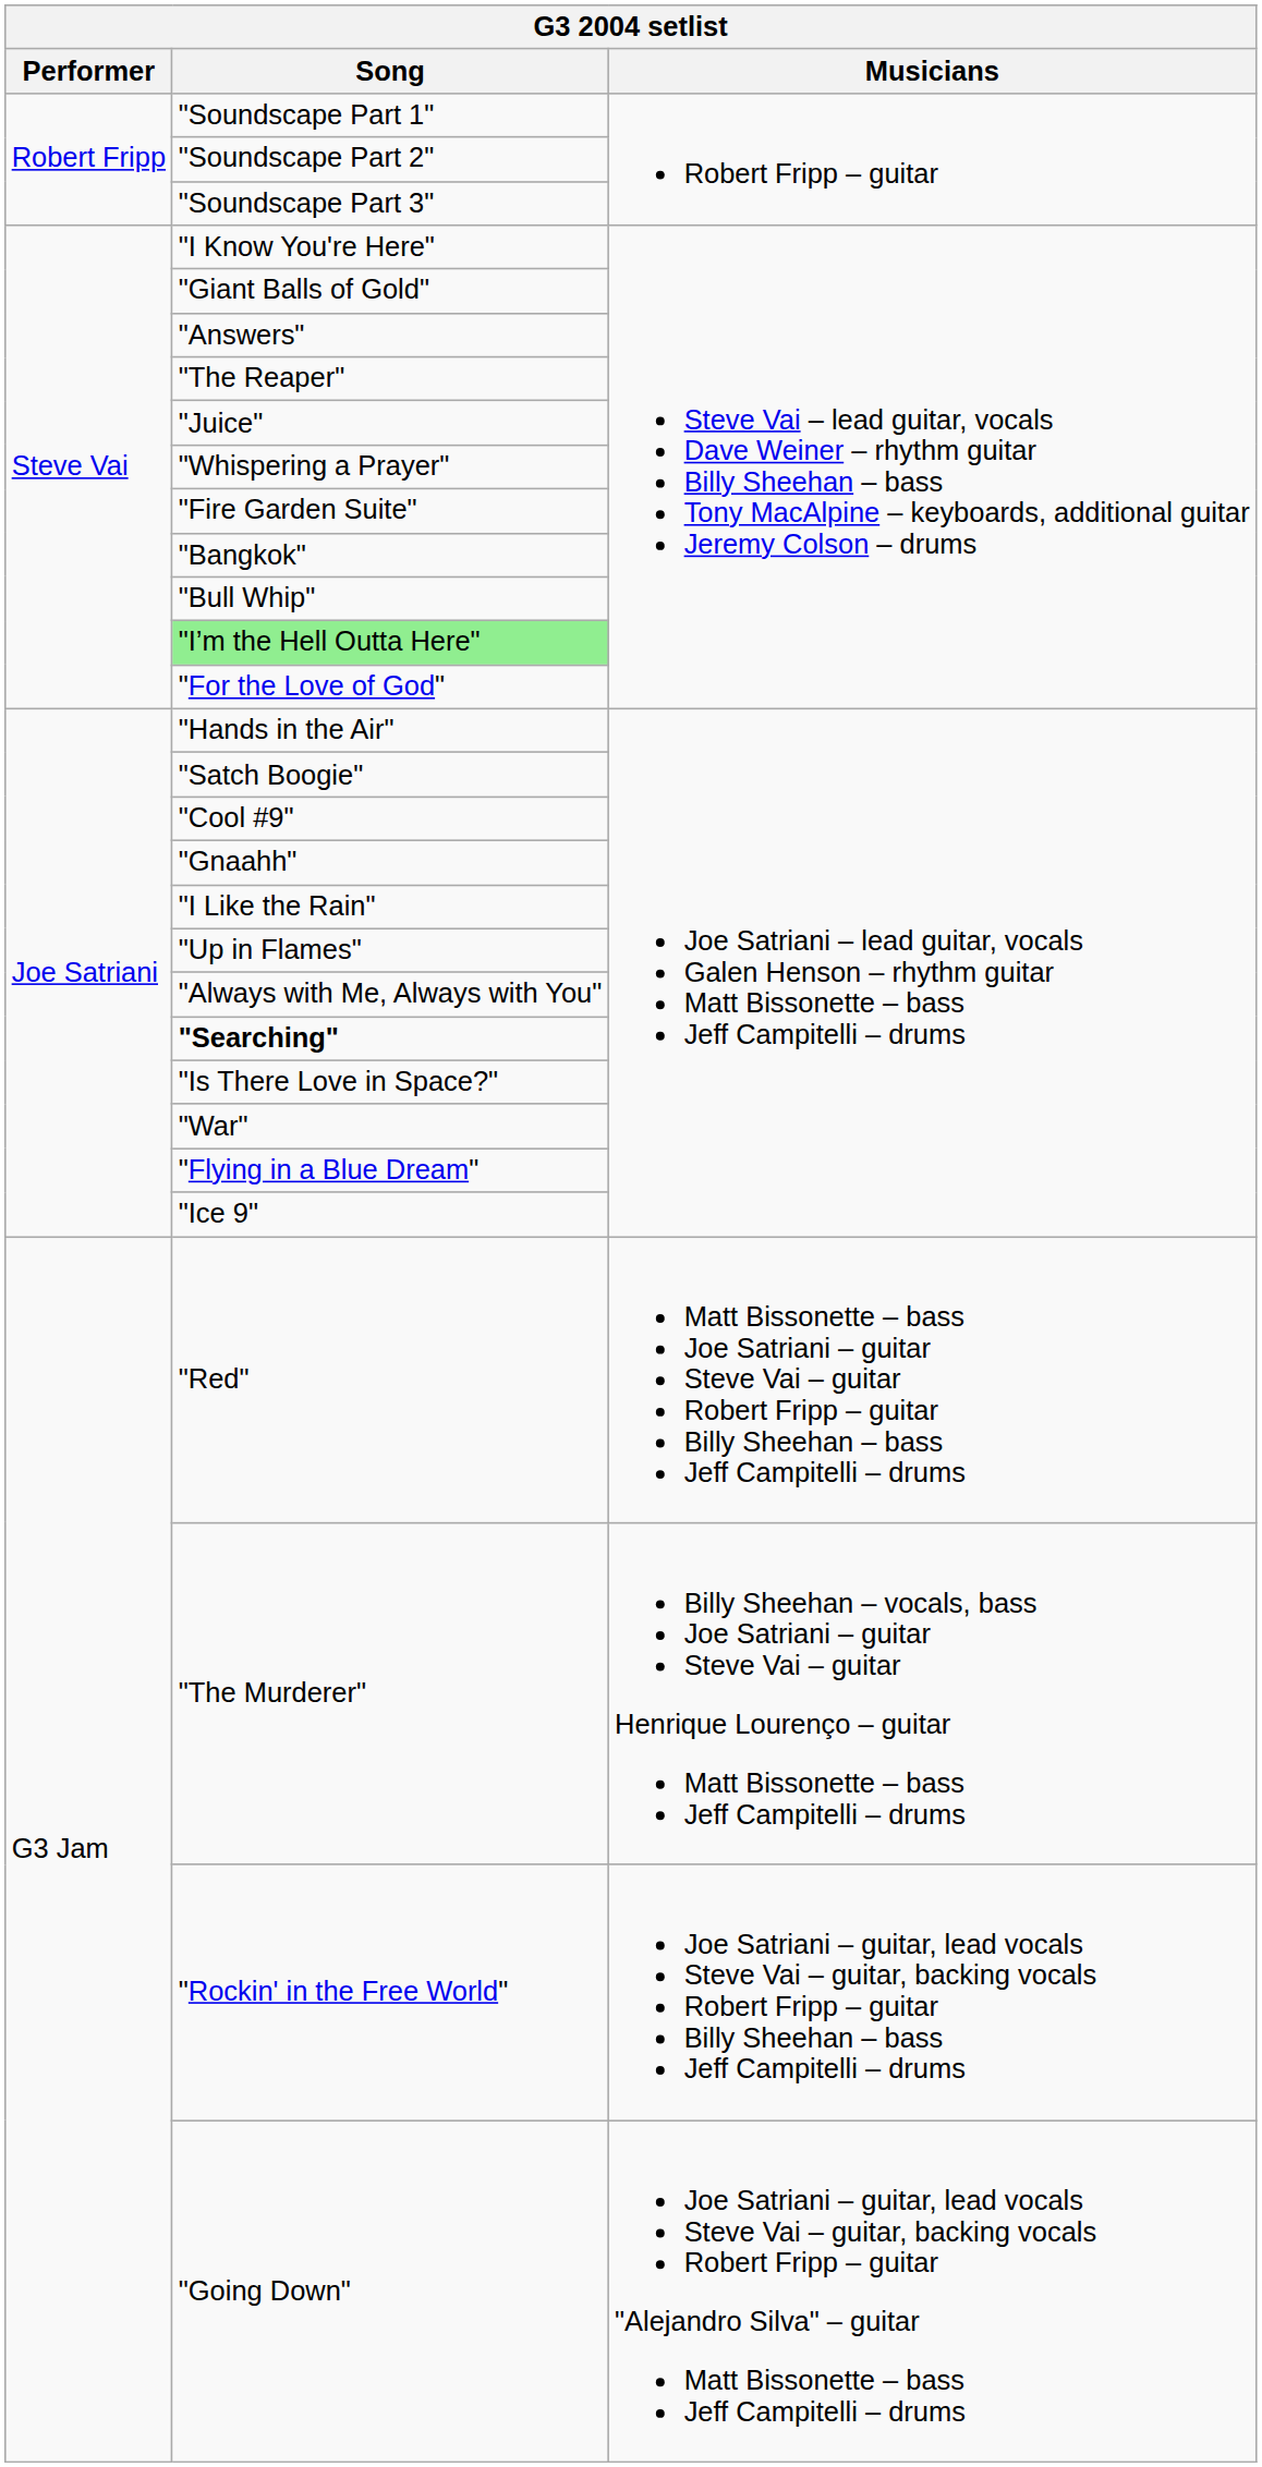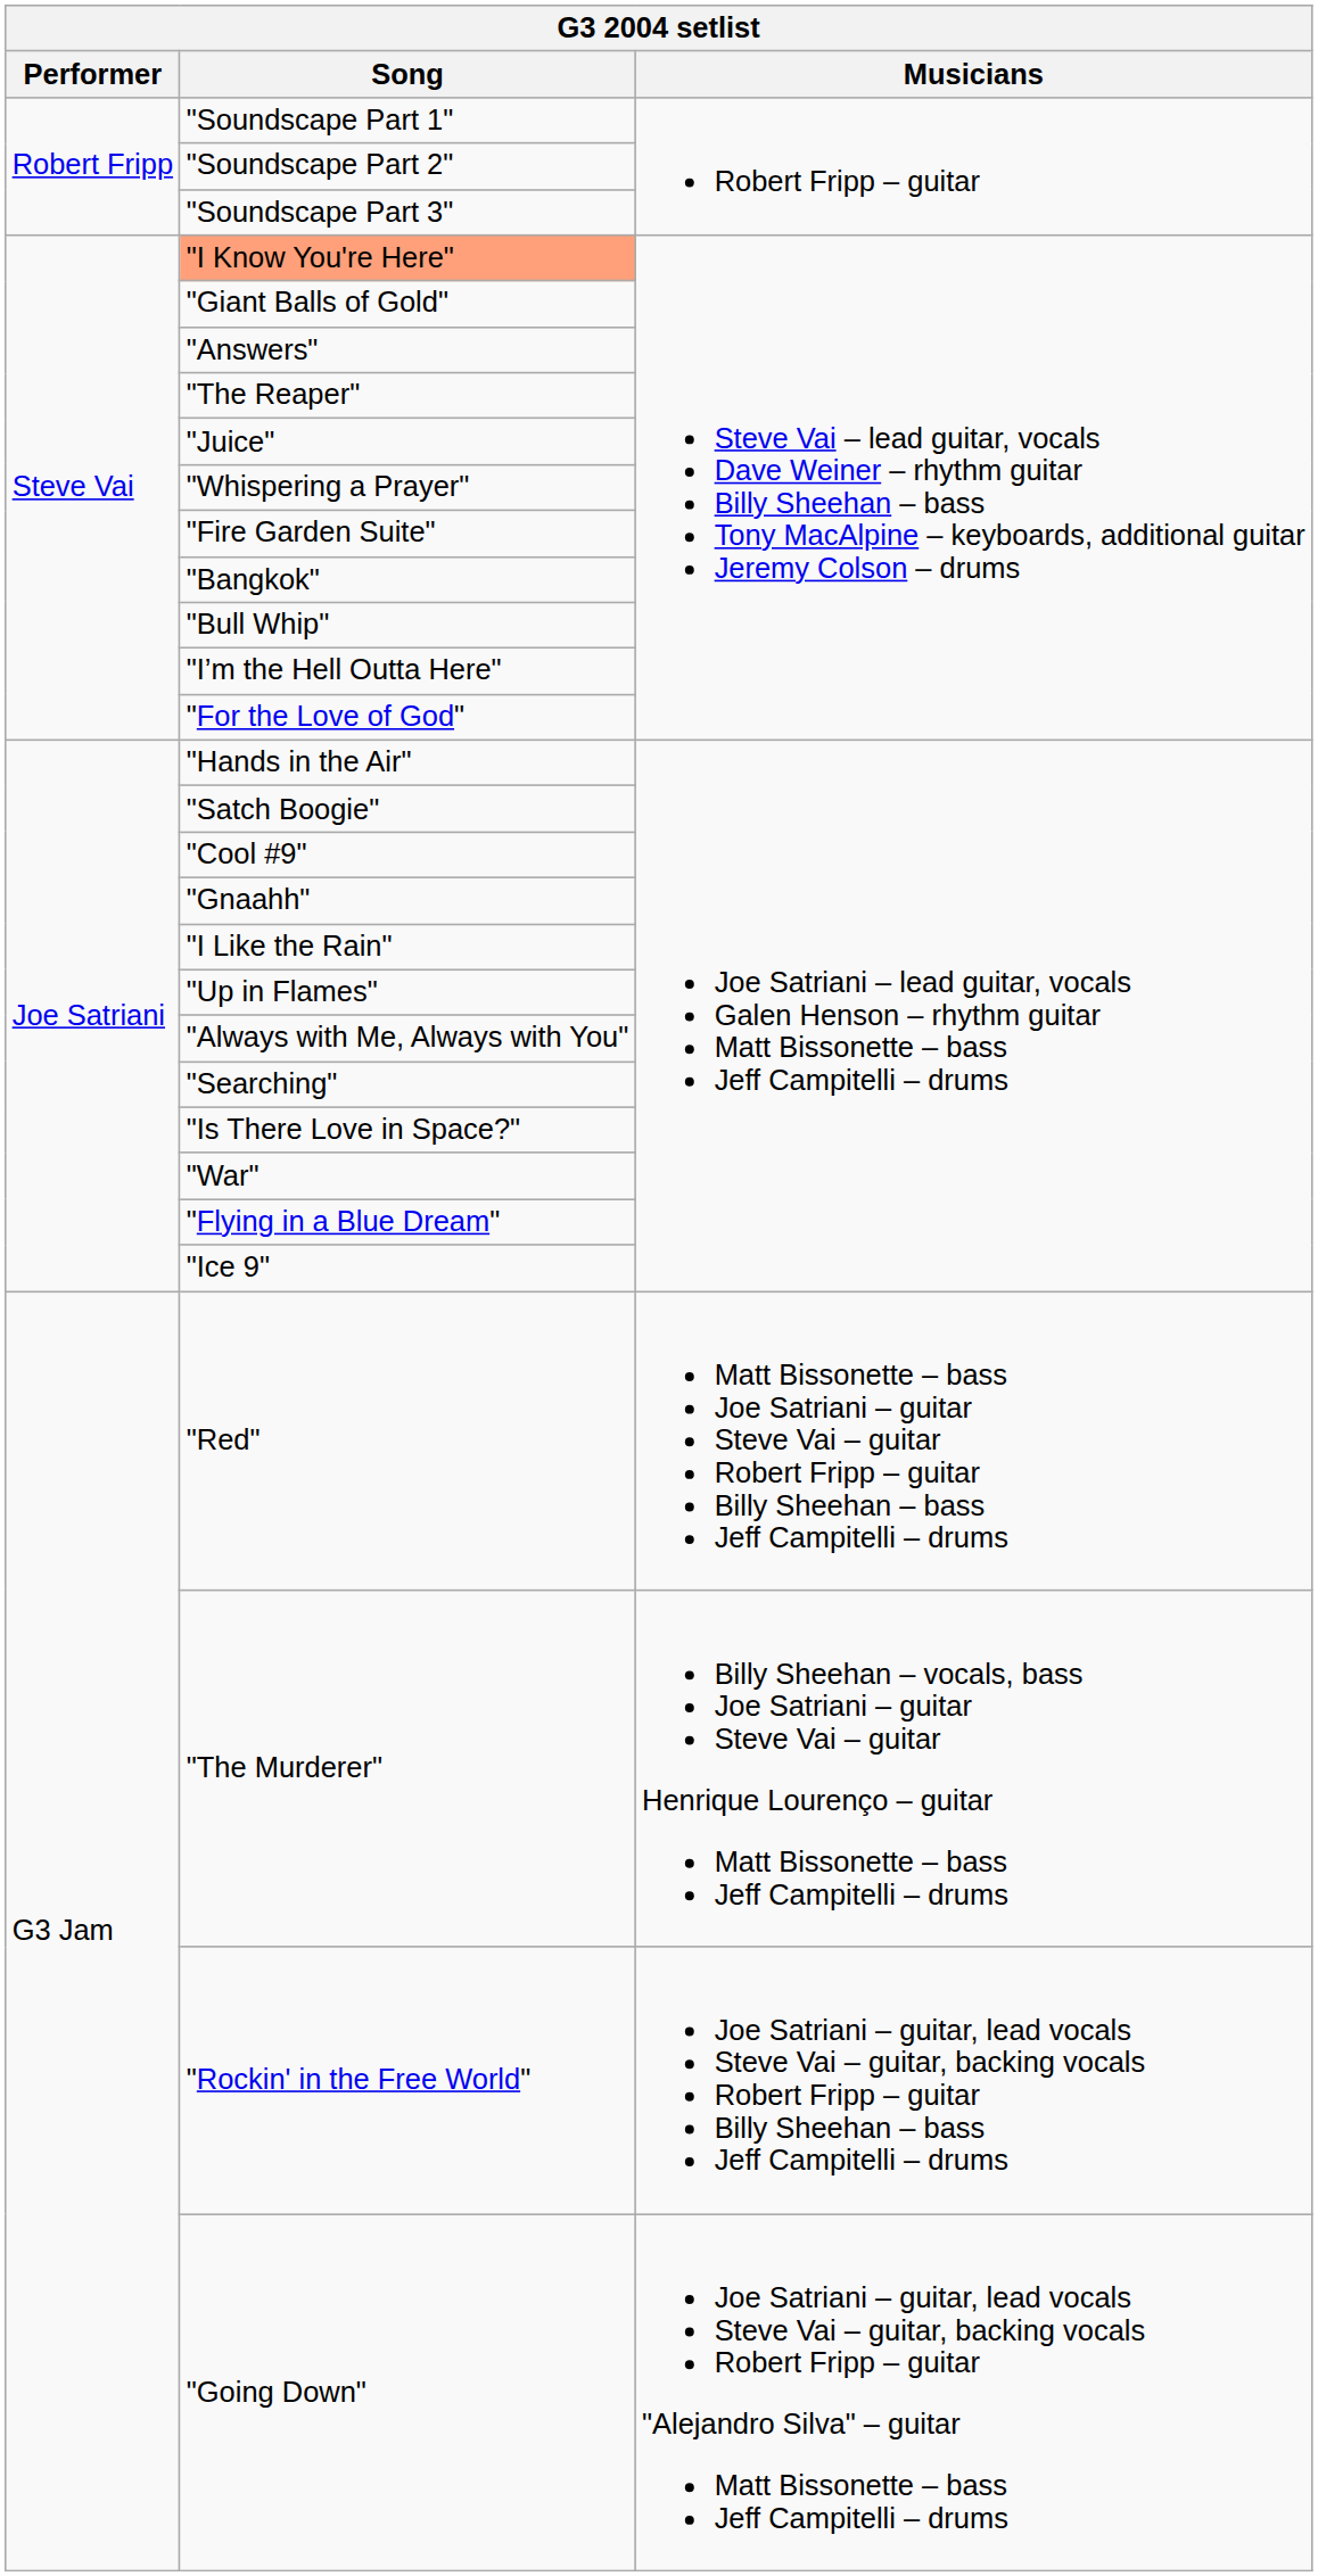 <table class="wikitable collapsible collapsed">
 <tr>
 <th colspan="3">G3 2004 setlist</th>
 </tr>
 <tr>
 <th>Performer</th>
 <th>Song</th>
 <th>Musicians</th>
 </tr>
 <tr>
 <td rowspan=3><a href='#'>Robert Fripp</a></td>
 <td>"Soundscape Part 1"</td>
 <td rowspan=3><br><ul><li>Robert Fripp – guitar</li></ul></td>
 </tr>
 <tr>
 <td>"Soundscape Part 2"</td>
 </tr>
 <tr>
 <td>"Soundscape Part 3"</td>
 </tr>
 <tr>
 <td rowspan=11><a href='#'>Steve Vai</a></td>
-<td>"I Know You're Here"</td>
+<td style="background: lightsalmon;">"I Know You're Here"</td>
 <td rowspan=11><br><ul><li><a href='#'>Steve Vai</a> – lead guitar, vocals</li><li><a href='#'>Dave Weiner</a> – rhythm guitar</li><li><a href='#'>Billy Sheehan</a> – bass</li><li><a href='#'>Tony MacAlpine</a> – keyboards, additional guitar</li><li><a href='#'>Jeremy Colson</a> – drums</li></ul></td>
 </tr>
 <tr>
 <td>"Giant Balls of Gold"</td>
 </tr>
 <tr>
 <td>"Answers"</td>
 </tr>
 <tr>
 <td>"The Reaper"</td>
 </tr>
 <tr>
 <td>"Juice"</td>
 </tr>
 <tr>
 <td>"Whispering a Prayer"</td>
 </tr>
 <tr>
 <td>"Fire Garden Suite"</td>
 </tr>
 <tr>
 <td>"Bangkok"</td>
 </tr>
 <tr>
 <td>"Bull Whip"</td>
 </tr>
 <tr>
-<td style="background: lightgreen;">"I’m the Hell Outta Here"</td>
+<td>"I’m the Hell Outta Here"</td>
 </tr>
 <tr>
 <td>"<a href='#'>For the Love of God</a>"</td>
 </tr>
 <tr>
 <td rowspan=12><a href='#'>Joe Satriani</a></td>
 <td>"Hands in the Air"</td>
 <td rowspan=12><br><ul><li>Joe Satriani – lead guitar, vocals</li><li>Galen Henson – rhythm guitar</li><li>Matt Bissonette – bass</li><li>Jeff Campitelli – drums</li></ul></td>
 </tr>
 <tr>
 <td>"Satch Boogie"</td>
 </tr>
 <tr>
 <td>"Cool #9"</td>
 </tr>
 <tr>
 <td>"Gnaahh"</td>
 </tr>
 <tr>
 <td>"I Like the Rain"</td>
 </tr>
 <tr>
 <td>"Up in Flames"</td>
 </tr>
 <tr>
 <td>"Always with Me, Always with You"</td>
 </tr>
 <tr>
-<td><strong>"Searching"</strong></td>
+<td>"Searching"</td>
 </tr>
 <tr>
 <td>"Is There Love in Space?"</td>
 </tr>
 <tr>
 <td>"War"</td>
 </tr>
 <tr>
 <td>"<a href='#'>Flying in a Blue Dream</a>"</td>
 </tr>
 <tr>
 <td>"Ice 9"</td>
 </tr>
 <tr>
 <td rowspan=4>G3 Jam</td>
 <td>"Red"</td>
 <td><br><ul><li>Matt Bissonette – bass</li><li>Joe Satriani – guitar</li><li>Steve Vai – guitar</li><li>Robert Fripp – guitar</li><li>Billy Sheehan – bass</li><li>Jeff Campitelli – drums</li></ul></td>
 </tr>
 <tr>
 <td>"The Murderer"</td>
 <td><br><ul><li>Billy Sheehan – vocals, bass</li><li>Joe Satriani – guitar</li><li>Steve Vai – guitar</li></ul>Henrique Lourenço – guitar<ul><li>Matt Bissonette – bass</li><li>Jeff Campitelli – drums</li></ul></td>
 </tr>
 <tr>
 <td>"<a href='#'>Rockin' in the Free World</a>"</td>
 <td><br><ul><li>Joe Satriani – guitar, lead vocals</li><li>Steve Vai – guitar, backing vocals</li><li>Robert Fripp – guitar</li><li>Billy Sheehan – bass</li><li>Jeff Campitelli – drums</li></ul></td>
 </tr>
 <tr>
 <td>"Going Down"</td>
 <td><br><ul><li>Joe Satriani – guitar, lead vocals</li><li>Steve Vai – guitar, backing vocals</li><li>Robert Fripp – guitar</li></ul>"Alejandro Silva" – guitar<ul><li>Matt Bissonette – bass</li><li>Jeff Campitelli – drums</li></ul></td>
 </tr>
 </table>
